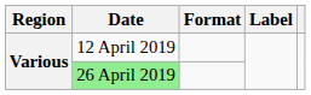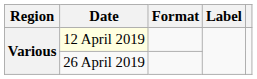 <table class="wikitable plainrowheaders">
 <tr>
 <th>Region</th>
 <th>Date</th>
 <th>Format</th>
 <th>Label</th>
 <th></th>
 </tr>
 <tr>
 <th scope="row" rowspan="2">Various</th>
-<td>12 April 2019</td>
+<td style="background: lightyellow;">12 April 2019</td>
 <td></td>
 <td rowspan="2"></td>
 <td style="text-align:center;" rowspan="2"></td>
 </tr>
 <tr>
-<td style="background: lightgreen;">26 April 2019</td>
+<td>26 April 2019</td>
 <td></td>
 </tr>
 </table>
